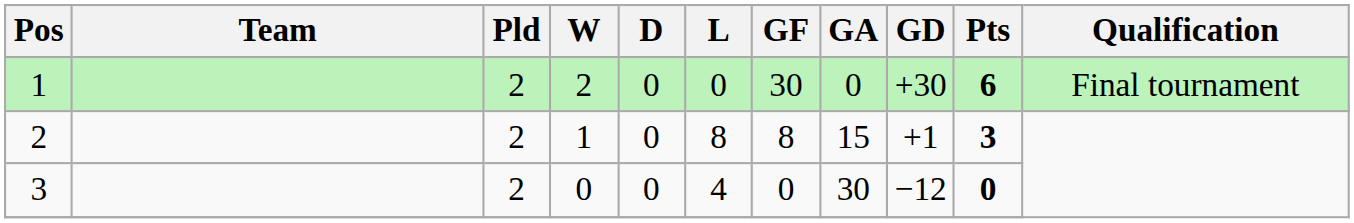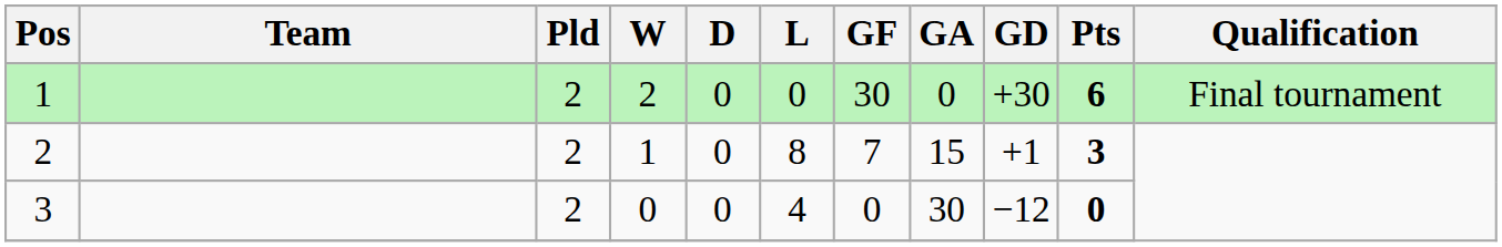 <table class="wikitable" border="1" style="text-align: center;">
 <tr>
 <th width="25"><abbr>Pos</abbr></th>
 <th width="190">Team</th>
 <th width="25"><abbr>Pld</abbr></th>
 <th width="25"><abbr>W</abbr></th>
 <th width="25"><abbr>D</abbr></th>
 <th width="25"><abbr>L</abbr></th>
 <th width="25"><abbr>GF</abbr></th>
 <th width="25"><abbr>GA</abbr></th>
 <th width="25"><abbr>GD</abbr></th>
 <th width="25"><abbr>Pts</abbr></th>
 <th width="150">Qualification</th>
 </tr>
 <tr bgcolor = #BBF3BB>
 <td>1</td>
 <td align="left"></td>
 <td>2</td>
 <td>2</td>
 <td>0</td>
 <td>0</td>
 <td>30</td>
 <td>0</td>
 <td>+30</td>
 <td><strong>6</strong></td>
 <td>Final tournament</td>
 </tr>
 <tr>
 <td>2</td>
 <td align="left"></td>
 <td>2</td>
 <td>1</td>
 <td>0</td>
 <td>8</td>
-<td>8</td>
+<td>7</td>
 <td>15</td>
 <td>+1</td>
 <td><strong>3</strong></td>
 </tr>
 <tr>
 <td>3</td>
 <td align="left"></td>
 <td>2</td>
 <td>0</td>
 <td>0</td>
 <td>4</td>
 <td>0</td>
 <td>30</td>
 <td>−12</td>
 <td><strong>0</strong></td>
 </tr>
 <tr>
 </tr>
 </table>
